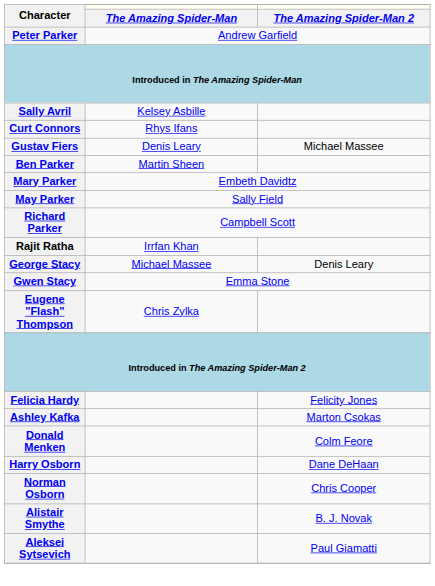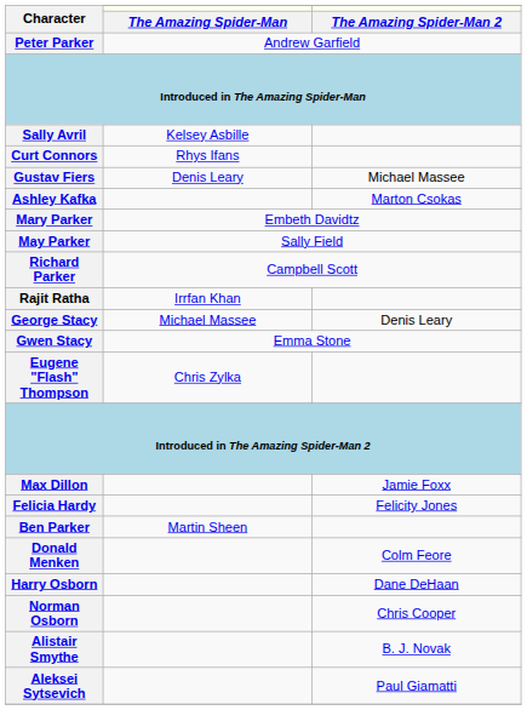 <table class="wikitable" style="text-align:center; width:99%;">
 <tr>
 <th rowspan="3" width="0.8%">Character</th>
 </tr>
 <tr>
 <th style="background:ivory;"></th>
 <th style="background:ivory;"></th>
 </tr>
 <tr>
 <th align="center" width="5%"><a href='#'><em>The Amazing Spider-Man</em></a></th>
 <th align="center" width="5%"><em><a href='#'>The Amazing Spider-Man 2</a></em></th>
 </tr>
 <tr>
 <th scope="row"><a href='#'>Peter Parker<br></a></th>
 <td colspan="2"><a href='#'>Andrew Garfield</a><br></td>
 </tr>
 <tr>
 <th colspan="3" style="background:lightblue;"><br><h5>Introduced in <em>The Amazing Spider-Man</em></h5></th>
 </tr>
 <tr>
 <th scope="row"><a href='#'>Sally Avril</a></th>
 <td><a href='#'>Kelsey Asbille</a></td>
 <td></td>
 </tr>
 <tr>
 <th scope="row"><a href='#'>Curt Connors<br></a></th>
 <td><a href='#'>Rhys Ifans</a></td>
 <td></td>
 </tr>
 <tr>
 <th scope="row"><a href='#'>Gustav Fiers</a></th>
 <td><a href='#'>Denis Leary</a></td>
 <td>Michael Massee</td>
 </tr>
 <tr>
-<th scope="row"><a href='#'>Ben Parker</a></th>
-<td><a href='#'>Martin Sheen</a></td>
+<th scope="row"><a href='#'>Ashley Kafka</a></th>
 <td></td>
+<td><a href='#'>Marton Csokas</a></td>
 </tr>
 <tr>
 <th scope="row"><a href='#'>Mary Parker</a></th>
 <td colspan="2"><a href='#'>Embeth Davidtz</a></td>
 </tr>
 <tr>
 <th scope="row"><a href='#'>May Parker</a></th>
 <td colspan="2"><a href='#'>Sally Field</a></td>
 </tr>
 <tr>
 <th scope="row"><a href='#'>Richard Parker</a></th>
 <td colspan="2"><a href='#'>Campbell Scott</a></td>
 </tr>
 <tr>
 <th scope="row">Rajit Ratha</th>
 <td><a href='#'>Irrfan Khan</a></td>
 <td></td>
 </tr>
 <tr>
 <th scope="row"><a href='#'>George Stacy</a></th>
 <td><a href='#'>Michael Massee</a></td>
 <td>Denis Leary</td>
 </tr>
 <tr>
 <th scope="row"><a href='#'>Gwen Stacy</a></th>
 <td colspan="2"><a href='#'>Emma Stone</a></td>
 </tr>
 <tr>
 <th scope="row"><a href='#'>Eugene "Flash" Thompson</a></th>
 <td><a href='#'>Chris Zylka</a></td>
 <td></td>
 </tr>
 <tr>
 <th colspan="3" style="background:lightblue;"><br><h5>Introduced in <em>The Amazing Spider-Man 2</em></h5></th>
 </tr>
 <tr>
+<th scope="row"><a href='#'>Max Dillon<br></a></th>
+<td></td>
+<td><a href='#'>Jamie Foxx</a></td>
+</tr>
+<tr>
 <th scope="row"><a href='#'>Felicia Hardy</a></th>
 <td></td>
 <td><a href='#'>Felicity Jones</a></td>
 </tr>
 <tr>
-<th scope="row"><a href='#'>Ashley Kafka</a></th>
+<th scope="row"><a href='#'>Ben Parker</a></th>
+<td><a href='#'>Martin Sheen</a></td>
 <td></td>
-<td><a href='#'>Marton Csokas</a></td>
 </tr>
 <tr>
 <th scope="row"><a href='#'>Donald Menken</a></th>
 <td></td>
 <td><a href='#'>Colm Feore</a></td>
 </tr>
 <tr>
 <th scope="row"><a href='#'>Harry Osborn</a><br></th>
 <td></td>
 <td><a href='#'>Dane DeHaan</a></td>
 </tr>
 <tr>
 <th scope="row"><a href='#'>Norman Osborn</a></th>
 <td></td>
 <td><a href='#'>Chris Cooper</a></td>
 </tr>
 <tr>
 <th scope="row"><a href='#'>Alistair Smythe</a></th>
 <td></td>
 <td><a href='#'>B. J. Novak</a></td>
 </tr>
 <tr>
 <th scope="row"><a href='#'>Aleksei Sytsevich<br></a></th>
 <td></td>
 <td><a href='#'>Paul Giamatti</a></td>
 </tr>
 <tr>
 </tr>
 </table>
